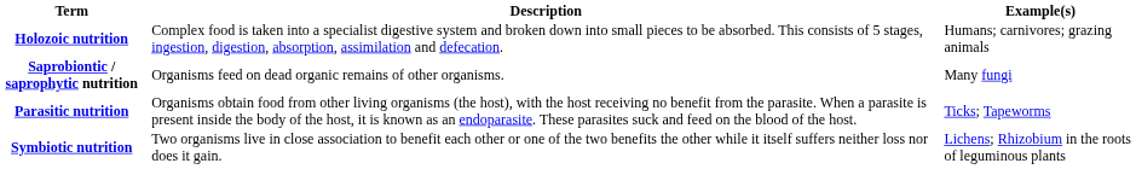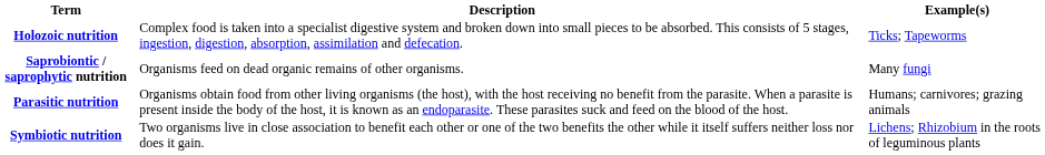 <table style="align:upper">
 <tr>
 <th>Term</th>
 <th>Description</th>
 <th>Example(s)</th>
 </tr>
 <tr>
 <th><a href='#'>Holozoic nutrition</a></th>
 <td>Complex food is taken into a specialist digestive system and broken down into small pieces to be absorbed. This consists of 5 stages, <a href='#'>ingestion</a>, <a href='#'>digestion</a>, <a href='#'>absorption</a>, <a href='#'>assimilation</a> and <a href='#'>defecation</a>.</td>
-<td>Humans; carnivores; grazing animals</td>
+<td><a href='#'>Ticks</a>; <a href='#'>Tapeworms</a></td>
 </tr>
 <tr>
 <th><a href='#'>Saprobiontic</a> / <a href='#'>saprophytic</a> nutrition</th>
 <td>Organisms feed on dead organic remains of other organisms.</td>
 <td>Many <a href='#'>fungi</a></td>
 </tr>
 <tr>
 <th><a href='#'>Parasitic nutrition</a></th>
 <td>Organisms obtain food from other living organisms (the host), with the host receiving no benefit from the parasite. When a parasite is present inside the body of the host, it is known as an <a href='#'>endoparasite</a>. These parasites suck and feed on the blood of the host.</td>
-<td><a href='#'>Ticks</a>; <a href='#'>Tapeworms</a></td>
+<td>Humans; carnivores; grazing animals</td>
 </tr>
 <tr>
 <th><a href='#'>Symbiotic nutrition</a></th>
 <td>Two organisms live in close association to benefit each other or one of the two benefits the other while it itself suffers neither loss nor does it gain.</td>
 <td><a href='#'>Lichens</a>; <a href='#'>Rhizobium</a> in the roots of leguminous plants</td>
 </tr>
 <tr>
 </tr>
 </table>
